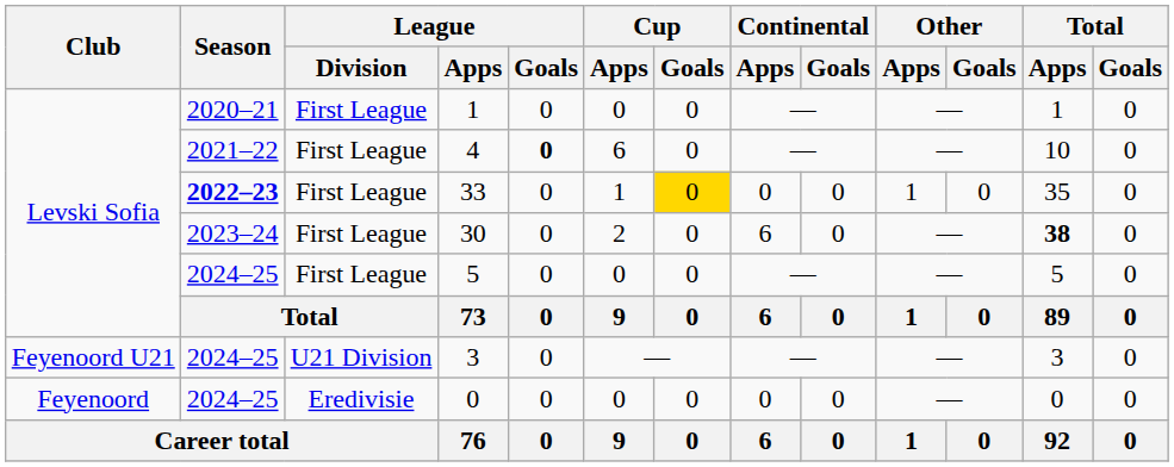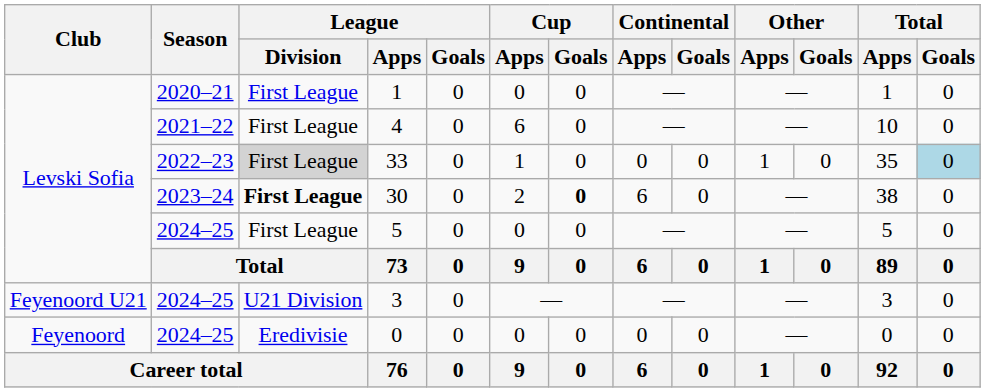 <table class="wikitable" style="text-align:center">
 <tr>
 <th rowspan="2">Club</th>
 <th rowspan="2">Season</th>
 <th colspan="3">League</th>
 <th colspan="2">Cup</th>
 <th colspan="2">Continental</th>
 <th colspan="2">Other</th>
 <th colspan="2">Total</th>
 </tr>
 <tr>
 <th>Division</th>
 <th>Apps</th>
 <th>Goals</th>
 <th>Apps</th>
 <th>Goals</th>
 <th>Apps</th>
 <th>Goals</th>
 <th>Apps</th>
 <th>Goals</th>
 <th>Apps</th>
 <th>Goals</th>
 </tr>
 <tr>
 <td rowspan="6"><a href='#'>Levski Sofia</a></td>
 <td><a href='#'>2020–21</a></td>
 <td><a href='#'>First League</a></td>
 <td>1</td>
 <td>0</td>
 <td>0</td>
 <td>0</td>
 <td colspan="2">—</td>
 <td colspan="2">—</td>
 <td>1</td>
 <td>0</td>
 </tr>
 <tr>
 <td><a href='#'>2021–22</a></td>
 <td>First League</td>
 <td>4</td>
-<td><strong>0</strong></td>
+<td>0</td>
 <td>6</td>
 <td>0</td>
 <td colspan="2">—</td>
 <td colspan="2">—</td>
 <td>10</td>
 <td>0</td>
 </tr>
 <tr>
-<td><strong><a href='#'>2022–23</a></strong></td>
-<td>First League</td>
+<td><a href='#'>2022–23</a></td>
+<td style="background: lightgrey;">First League</td>
 <td>33</td>
 <td>0</td>
 <td>1</td>
-<td style="background: gold;">0</td>
+<td>0</td>
 <td>0</td>
 <td>0</td>
 <td>1</td>
 <td>0</td>
 <td>35</td>
-<td>0</td>
+<td style="background: lightblue;">0</td>
 </tr>
 <tr>
 <td><a href='#'>2023–24</a></td>
-<td>First League</td>
+<td><strong>First League</strong></td>
 <td>30</td>
 <td>0</td>
 <td>2</td>
-<td>0</td>
+<td><strong>0</strong></td>
 <td>6</td>
 <td>0</td>
 <td colspan="2">—</td>
-<td><strong>38</strong></td>
+<td>38</td>
 <td>0</td>
 </tr>
 <tr>
 <td><a href='#'>2024–25</a></td>
 <td>First League</td>
 <td>5</td>
 <td>0</td>
 <td>0</td>
 <td>0</td>
 <td colspan="2">—</td>
 <td colspan="2">—</td>
 <td>5</td>
 <td>0</td>
 </tr>
 <tr>
 <th colspan="2">Total</th>
 <th>73</th>
 <th>0</th>
 <th>9</th>
 <th>0</th>
 <th>6</th>
 <th>0</th>
 <th>1</th>
 <th>0</th>
 <th>89</th>
 <th>0</th>
 </tr>
 <tr>
 <td><a href='#'>Feyenoord U21</a></td>
 <td><a href='#'>2024–25</a></td>
 <td><a href='#'>U21 Division</a></td>
 <td>3</td>
 <td>0</td>
 <td colspan="2">—</td>
 <td colspan="2">—</td>
 <td colspan="2">—</td>
 <td>3</td>
 <td>0</td>
 </tr>
 <tr>
 <td><a href='#'>Feyenoord</a></td>
 <td><a href='#'>2024–25</a></td>
 <td><a href='#'>Eredivisie</a></td>
 <td>0</td>
 <td>0</td>
 <td>0</td>
 <td>0</td>
 <td>0</td>
 <td>0</td>
 <td colspan="2">—</td>
 <td>0</td>
 <td>0</td>
 </tr>
 <tr>
 <th colspan="3">Career total</th>
 <th>76</th>
 <th>0</th>
 <th>9</th>
 <th>0</th>
 <th>6</th>
 <th>0</th>
 <th>1</th>
 <th>0</th>
 <th>92</th>
 <th>0</th>
 </tr>
 </table>
